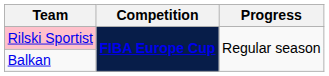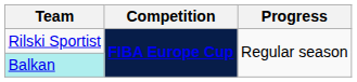 <table class="wikitable sortable">
 <tr>
 <th>Team</th>
 <th>Competition</th>
 <th>Progress</th>
 </tr>
 <tr>
-<td style="background: pink;"><a href='#'>Rilski Sportist</a></td>
+<td><a href='#'>Rilski Sportist</a></td>
 <td style="background-color:#071D49;color:#D0D3D4;text-align:center" rowspan=2><strong><a href='#'><span>FIBA Europe Cup</span></a> </strong></td>
 <td rowspan=2>Regular season</td>
 </tr>
 <tr>
-<td><a href='#'>Balkan</a></td>
+<td style="background: paleturquoise;"><a href='#'>Balkan</a></td>
 </tr>
 </table>
